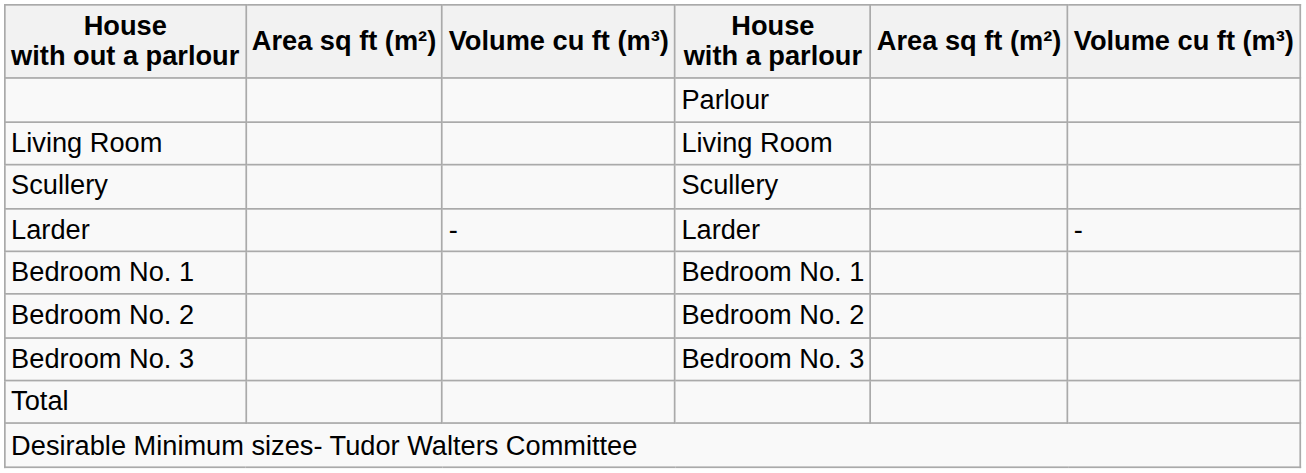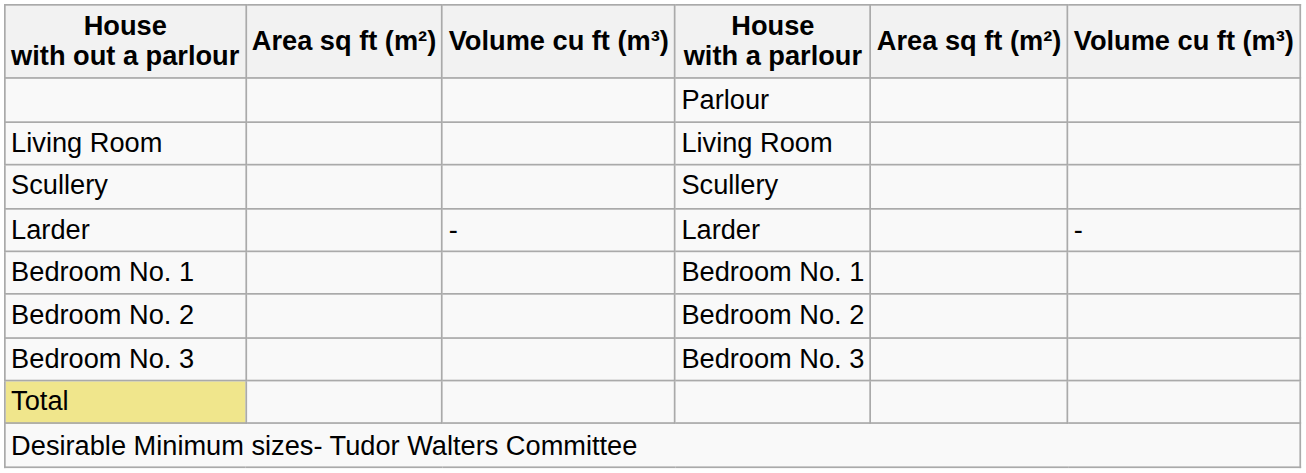 <table class="wikitable"  >
 <tr>
 <th>House<br>with out a parlour</th>
 <th>Area sq ft (m²)</th>
 <th>Volume cu ft (m³)</th>
 <th>House<br>with a parlour</th>
 <th>Area sq ft (m²)</th>
 <th>Volume cu ft (m³)</th>
 </tr>
 <tr>
 <td></td>
 <td></td>
 <td></td>
 <td>Parlour</td>
 <td></td>
 <td></td>
 </tr>
 <tr>
 <td>Living Room</td>
 <td></td>
 <td></td>
 <td>Living Room</td>
 <td></td>
 <td></td>
 </tr>
 <tr>
 <td>Scullery</td>
 <td></td>
 <td></td>
 <td>Scullery</td>
 <td></td>
 <td></td>
 </tr>
 <tr>
 <td>Larder</td>
 <td></td>
 <td>-</td>
 <td>Larder</td>
 <td></td>
 <td>-</td>
 </tr>
 <tr>
 <td>Bedroom No. 1</td>
 <td></td>
 <td></td>
 <td>Bedroom No. 1</td>
 <td></td>
 <td></td>
 </tr>
 <tr>
 <td>Bedroom No. 2</td>
 <td></td>
 <td></td>
 <td>Bedroom No. 2</td>
 <td></td>
 <td></td>
 </tr>
 <tr>
 <td>Bedroom No. 3</td>
 <td></td>
 <td></td>
 <td>Bedroom No. 3</td>
 <td></td>
 <td></td>
 </tr>
 <tr>
-<td>Total</td>
+<td style="background: khaki;">Total</td>
 <td></td>
 <td></td>
 <td></td>
 <td></td>
 <td></td>
 </tr>
 <tr>
 <td colspan="6">Desirable Minimum sizes- Tudor Walters Committee </td>
 </tr>
 </table>
